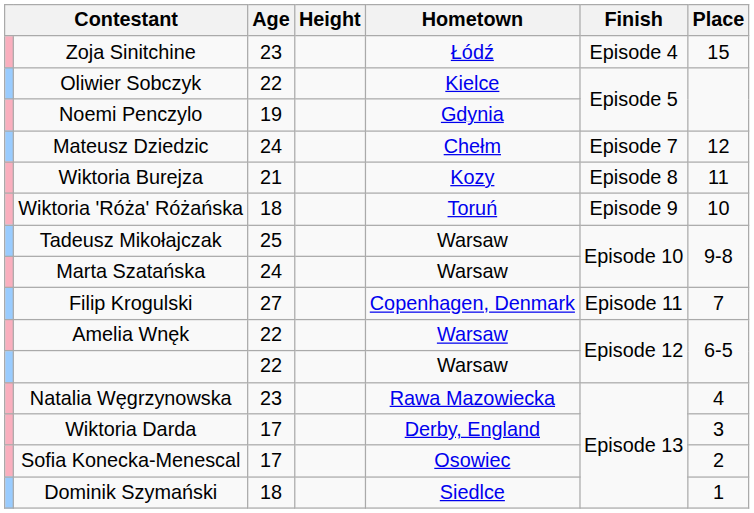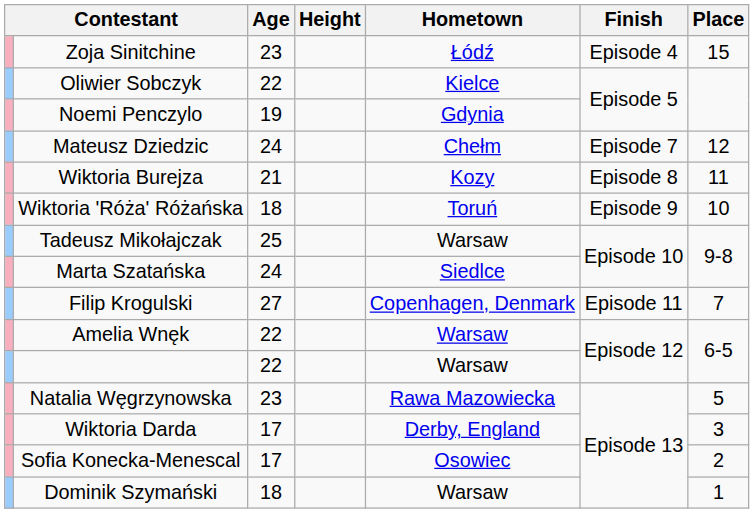 <table class="wikitable sortable" style="text-align:center;">
 <tr>
 <th colspan="2">Contestant</th>
 <th>Age</th>
 <th>Height</th>
 <th>Hometown</th>
 <th>Finish</th>
 <th>Place</th>
 </tr>
 <tr>
 <td style="background:#faafbe"></td>
 <td>Zoja Sinitchine</td>
 <td>23</td>
 <td></td>
 <td><a href='#'>Łódź</a></td>
 <td nowrap>Episode 4</td>
 <td>15</td>
 </tr>
 <tr>
 <td style="background:#9cf;"></td>
 <td>Oliwier Sobczyk</td>
 <td>22</td>
 <td></td>
 <td><a href='#'>Kielce</a></td>
 <td rowspan="2">Episode 5</td>
 <td rowspan="2"></td>
 </tr>
 <tr>
 <td style="background:#faafbe"></td>
 <td>Noemi Penczylo</td>
 <td>19</td>
 <td nowrap></td>
 <td><a href='#'>Gdynia</a></td>
 </tr>
 <tr>
 <td style="background:#9cf;"></td>
 <td>Mateusz Dziedzic</td>
 <td>24</td>
 <td></td>
 <td><a href='#'>Chełm</a></td>
 <td>Episode 7</td>
 <td>12</td>
 </tr>
 <tr>
 <td style="background:#faafbe"></td>
 <td>Wiktoria Burejza</td>
 <td>21</td>
 <td></td>
 <td><a href='#'>Kozy</a></td>
 <td>Episode 8</td>
 <td>11</td>
 </tr>
 <tr>
 <td style="background:#faafbe"></td>
 <td>Wiktoria 'Róża' Różańska</td>
 <td>18</td>
 <td></td>
 <td><a href='#'>Toruń</a></td>
 <td>Episode 9</td>
 <td>10</td>
 </tr>
 <tr>
 <td style="background:#9cf;"></td>
 <td>Tadeusz Mikołajczak</td>
 <td>25</td>
 <td></td>
 <td>Warsaw</td>
 <td rowspan="2">Episode 10</td>
 <td rowspan="2">9-8</td>
 </tr>
 <tr>
 <td style="background:#faafbe"></td>
 <td>Marta Szatańska</td>
 <td>24</td>
 <td></td>
-<td>Warsaw</td>
+<td><a href='#'>Siedlce</a></td>
 </tr>
 <tr>
 <td style="background:#9cf;"></td>
 <td>Filip Krogulski</td>
 <td>27</td>
 <td></td>
 <td nowrap><a href='#'>Copenhagen, Denmark</a></td>
 <td nowrap>Episode 11</td>
 <td>7</td>
 </tr>
 <tr>
 <td style="background:#faafbe"></td>
 <td>Amelia Wnęk</td>
 <td>22</td>
 <td nowrap></td>
 <td><a href='#'>Warsaw</a></td>
 <td nowrap rowspan="2">Episode 12</td>
 <td rowspan="2">6-5</td>
 </tr>
 <tr>
 <td style="background:#9cf;"></td>
 <td></td>
 <td>22</td>
 <td></td>
 <td>Warsaw</td>
 </tr>
 <tr>
 <td style="background:#faafbe"></td>
 <td>Natalia Węgrzynowska</td>
 <td>23</td>
 <td></td>
 <td><a href='#'>Rawa Mazowiecka</a></td>
 <td rowspan="4">Episode 13</td>
-<td>4</td>
+<td>5</td>
 </tr>
 <tr>
 <td style="background:#faafbe"></td>
 <td>Wiktoria Darda</td>
 <td>17</td>
 <td></td>
 <td><a href='#'>Derby, England</a></td>
 <td>3</td>
 </tr>
 <tr>
 <td style="background:#faafbe"></td>
 <td>Sofia Konecka-Menescal</td>
 <td>17</td>
 <td></td>
 <td><a href='#'>Osowiec</a></td>
 <td>2</td>
 </tr>
 <tr>
 <td style="background:#9cf;"></td>
 <td>Dominik Szymański</td>
 <td>18</td>
 <td></td>
-<td><a href='#'>Siedlce</a></td>
+<td>Warsaw</td>
 <td>1</td>
 </tr>
 </table>
